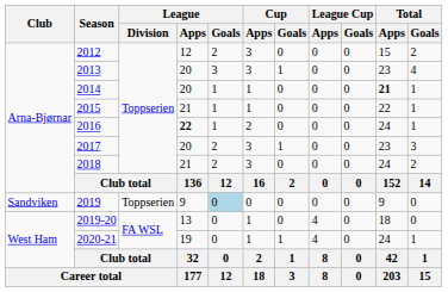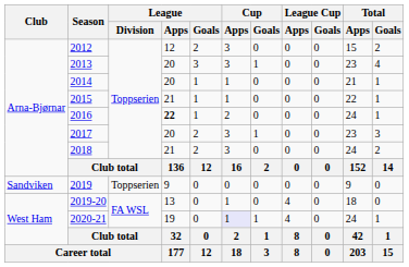 <table class="wikitable">
 <tr>
 <th rowspan="2">Club</th>
 <th rowspan="2">Season</th>
 <th colspan="3">League</th>
 <th colspan="2">Cup</th>
 <th colspan="2">League Cup</th>
 <th colspan="2">Total</th>
 </tr>
 <tr>
 <th>Division</th>
 <th>Apps</th>
 <th>Goals</th>
 <th>Apps</th>
 <th>Goals</th>
 <th>Apps</th>
 <th>Goals</th>
 <th>Apps</th>
 <th>Goals</th>
 </tr>
 <tr>
 <td rowspan="8"><a href='#'>Arna-Bjørnar</a></td>
 <td><a href='#'>2012</a></td>
 <td rowspan="7"><a href='#'>Toppserien</a></td>
 <td>12</td>
 <td>2</td>
 <td>3</td>
 <td>0</td>
 <td>0</td>
 <td>0</td>
 <td>15</td>
 <td>2</td>
 </tr>
 <tr>
 <td><a href='#'>2013</a></td>
 <td>20</td>
 <td>3</td>
 <td>3</td>
 <td>1</td>
 <td>0</td>
 <td>0</td>
 <td>23</td>
 <td>4</td>
 </tr>
 <tr>
 <td><a href='#'>2014</a></td>
 <td>20</td>
 <td>1</td>
 <td>1</td>
 <td>0</td>
 <td>0</td>
 <td>0</td>
-<td><strong>21</strong></td>
+<td>21</td>
 <td>1</td>
 </tr>
 <tr>
 <td><a href='#'>2015</a></td>
 <td>21</td>
 <td>1</td>
 <td>1</td>
 <td>0</td>
 <td>0</td>
 <td>0</td>
 <td>22</td>
 <td>1</td>
 </tr>
 <tr>
 <td><a href='#'>2016</a></td>
 <td><strong>22</strong></td>
 <td>1</td>
 <td>2</td>
 <td>0</td>
 <td>0</td>
 <td>0</td>
 <td>24</td>
 <td>1</td>
 </tr>
 <tr>
 <td><a href='#'>2017</a></td>
 <td>20</td>
 <td>2</td>
 <td>3</td>
 <td>1</td>
 <td>0</td>
 <td>0</td>
 <td>23</td>
 <td>3</td>
 </tr>
 <tr>
 <td><a href='#'>2018</a></td>
 <td>21</td>
 <td>2</td>
 <td>3</td>
 <td>0</td>
 <td>0</td>
 <td>0</td>
 <td>24</td>
 <td>2</td>
 </tr>
 <tr>
 <th colspan="2">Club total</th>
 <th>136</th>
 <th>12</th>
 <th>16</th>
 <th>2</th>
 <th>0</th>
 <th>0</th>
 <th>152</th>
 <th>14</th>
 </tr>
 <tr>
 <td><a href='#'>Sandviken</a></td>
 <td><a href='#'>2019</a></td>
 <td>Toppserien</td>
 <td>9</td>
-<td style="background: lightblue;">0</td>
+<td>0</td>
 <td>0</td>
 <td>0</td>
 <td>0</td>
 <td>0</td>
 <td>9</td>
 <td>0</td>
 </tr>
 <tr>
 <td rowspan="3"><a href='#'>West Ham</a></td>
 <td><a href='#'>2019-20</a></td>
 <td rowspan="2"><a href='#'>FA WSL</a></td>
 <td>13</td>
 <td>0</td>
 <td>1</td>
 <td>0</td>
 <td>4</td>
 <td>0</td>
 <td>18</td>
 <td>0</td>
 </tr>
 <tr>
 <td><a href='#'>2020-21</a></td>
 <td>19</td>
 <td>0</td>
-<td>1</td>
+<td style="background: lavender;">1</td>
 <td>1</td>
 <td>4</td>
 <td>0</td>
 <td>24</td>
 <td>1</td>
 </tr>
 <tr>
 <th colspan="2">Club total</th>
 <th>32</th>
 <th>0</th>
 <th>2</th>
 <th>1</th>
 <th>8</th>
 <th>0</th>
 <th>42</th>
 <th>1</th>
 </tr>
 <tr>
 <th colspan="3">Career total</th>
 <th>177</th>
 <th>12</th>
 <th>18</th>
 <th>3</th>
 <th>8</th>
 <th>0</th>
 <th>203</th>
 <th>15</th>
 </tr>
 </table>
